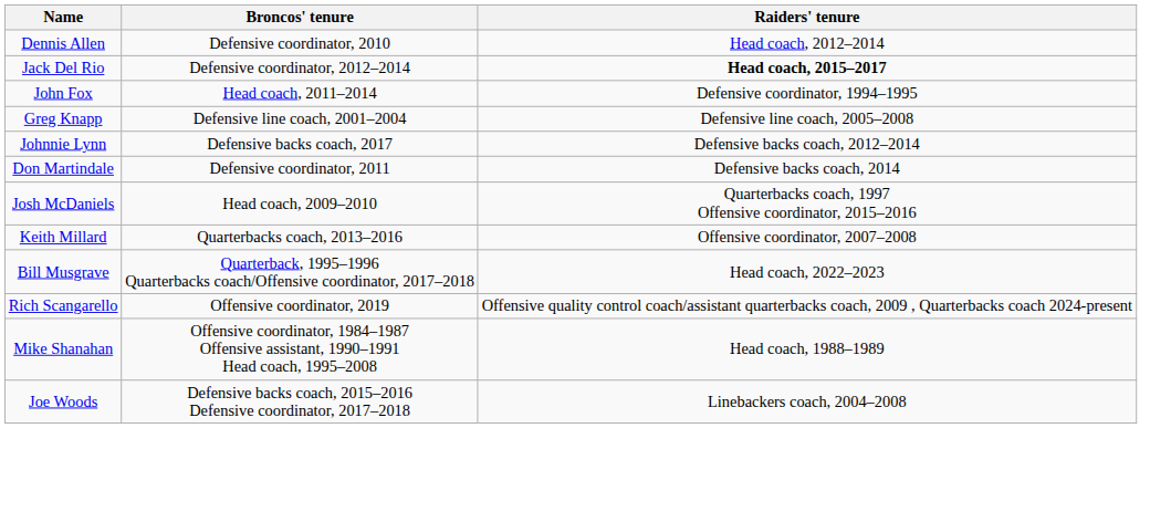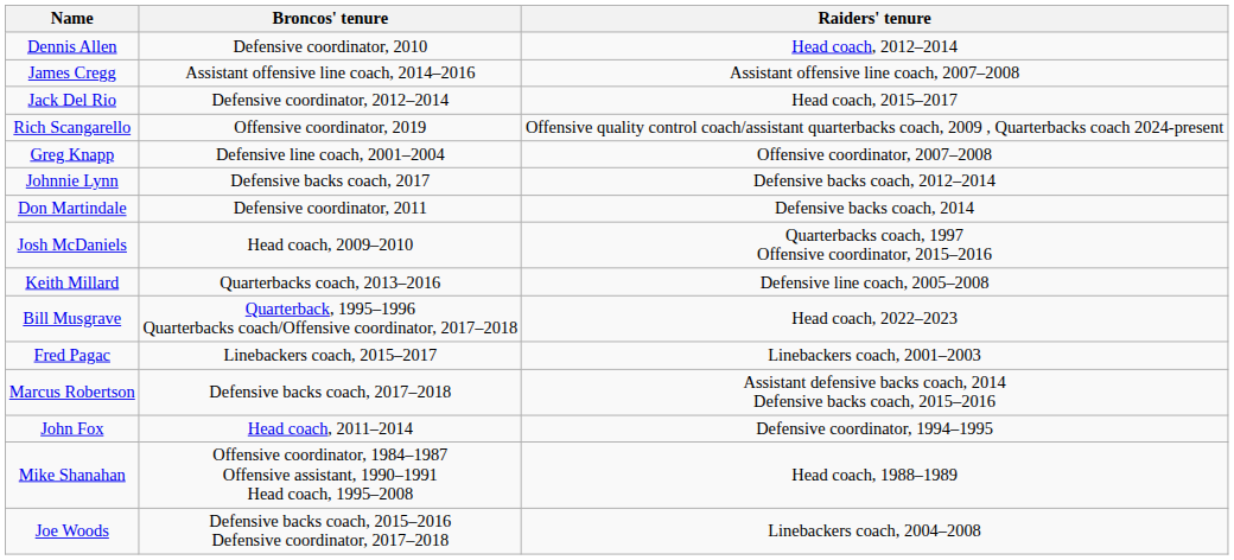 <table class="wikitable" style="text-align: center">
 <tr>
 <th>Name</th>
 <th>Broncos' tenure</th>
 <th>Raiders' tenure</th>
 </tr>
 <tr>
 <td><a href='#'>Dennis Allen</a></td>
 <td>Defensive coordinator, 2010</td>
 <td><a href='#'>Head coach</a>, 2012–2014</td>
 </tr>
 <tr>
+<td><a href='#'>James Cregg</a></td>
+<td>Assistant offensive line coach, 2014–2016</td>
+<td>Assistant offensive line coach, 2007–2008</td>
+</tr>
+<tr>
 <td><a href='#'>Jack Del Rio</a></td>
 <td>Defensive coordinator, 2012–2014</td>
-<td><strong>Head coach, 2015–2017</strong></td>
+<td>Head coach, 2015–2017</td>
 </tr>
 <tr>
-<td><a href='#'>John Fox</a></td>
-<td><a href='#'>Head coach</a>, 2011–2014</td>
-<td>Defensive coordinator, 1994–1995</td>
+<td><a href='#'>Rich Scangarello</a></td>
+<td>Offensive coordinator, 2019</td>
+<td>Offensive quality control coach/assistant quarterbacks coach, 2009 , Quarterbacks coach 2024-present</td>
 </tr>
 <tr>
 <td><a href='#'>Greg Knapp</a></td>
 <td>Defensive line coach, 2001–2004</td>
-<td>Defensive line coach, 2005–2008</td>
+<td>Offensive coordinator, 2007–2008</td>
 </tr>
 <tr>
 <td><a href='#'>Johnnie Lynn</a></td>
 <td>Defensive backs coach, 2017</td>
 <td>Defensive backs coach, 2012–2014</td>
 </tr>
 <tr>
 <td><a href='#'>Don Martindale</a></td>
 <td>Defensive coordinator, 2011</td>
 <td>Defensive backs coach, 2014</td>
 </tr>
 <tr>
 <td><a href='#'>Josh McDaniels</a></td>
 <td>Head coach, 2009–2010</td>
 <td>Quarterbacks coach, 1997<br>Offensive coordinator, 2015–2016</td>
 </tr>
 <tr>
 <td><a href='#'>Keith Millard</a></td>
 <td>Quarterbacks coach, 2013–2016</td>
-<td>Offensive coordinator, 2007–2008</td>
+<td>Defensive line coach, 2005–2008</td>
 </tr>
 <tr>
 <td><a href='#'>Bill Musgrave</a></td>
 <td><a href='#'>Quarterback</a>, 1995–1996<br>Quarterbacks coach/Offensive coordinator, 2017–2018</td>
 <td>Head coach, 2022–2023</td>
 </tr>
 <tr>
-<td><a href='#'>Rich Scangarello</a></td>
-<td>Offensive coordinator, 2019</td>
-<td>Offensive quality control coach/assistant quarterbacks coach, 2009 , Quarterbacks coach 2024-present</td>
+<td><a href='#'>Fred Pagac</a></td>
+<td>Linebackers coach, 2015–2017</td>
+<td>Linebackers coach, 2001–2003 </td>
+</tr>
+<tr>
+<td><a href='#'>Marcus Robertson</a></td>
+<td>Defensive backs coach, 2017–2018</td>
+<td>Assistant defensive backs coach, 2014<br>Defensive backs coach, 2015–2016</td>
+</tr>
+<tr>
+<td><a href='#'>John Fox</a></td>
+<td><a href='#'>Head coach</a>, 2011–2014</td>
+<td>Defensive coordinator, 1994–1995</td>
 </tr>
 <tr>
 <td><a href='#'>Mike Shanahan</a></td>
 <td>Offensive coordinator, 1984–1987<br>Offensive assistant, 1990–1991<br>Head coach, 1995–2008</td>
 <td>Head coach, 1988–1989</td>
 </tr>
 <tr>
 <td><a href='#'>Joe Woods</a></td>
 <td>Defensive backs coach, 2015–2016<br>Defensive coordinator, 2017–2018</td>
 <td>Linebackers coach, 2004–2008</td>
 </tr>
 </table>
